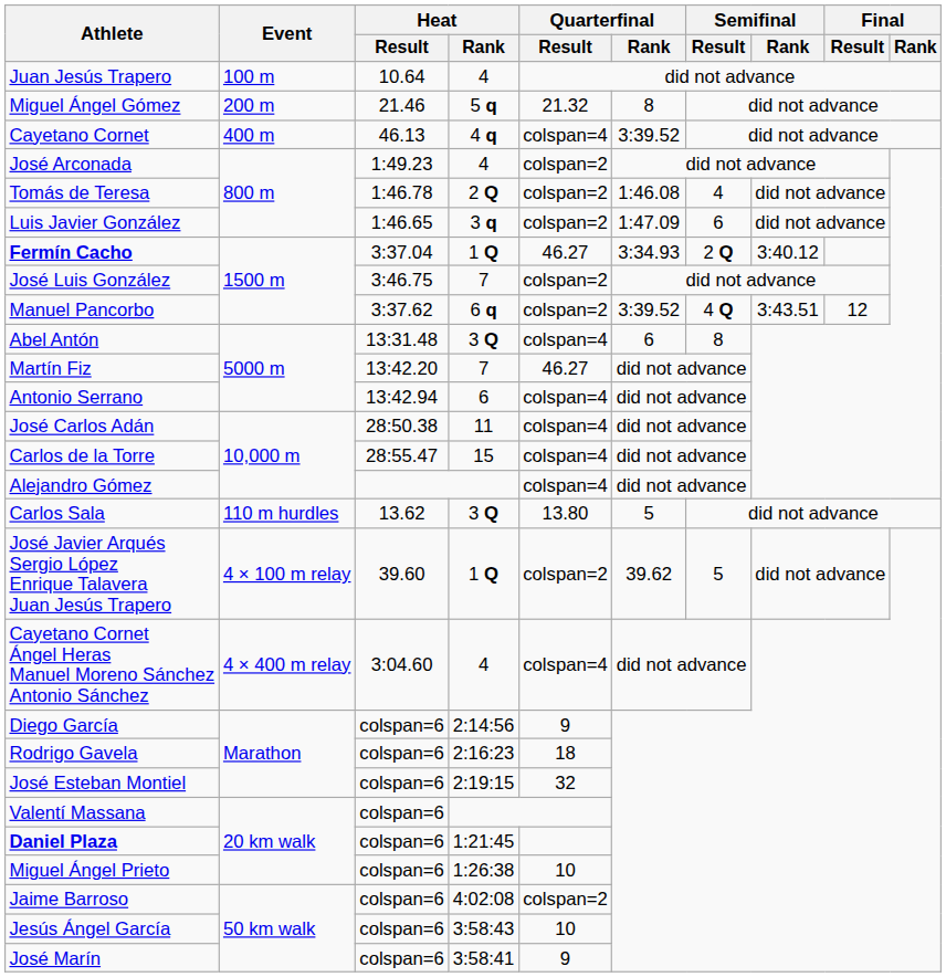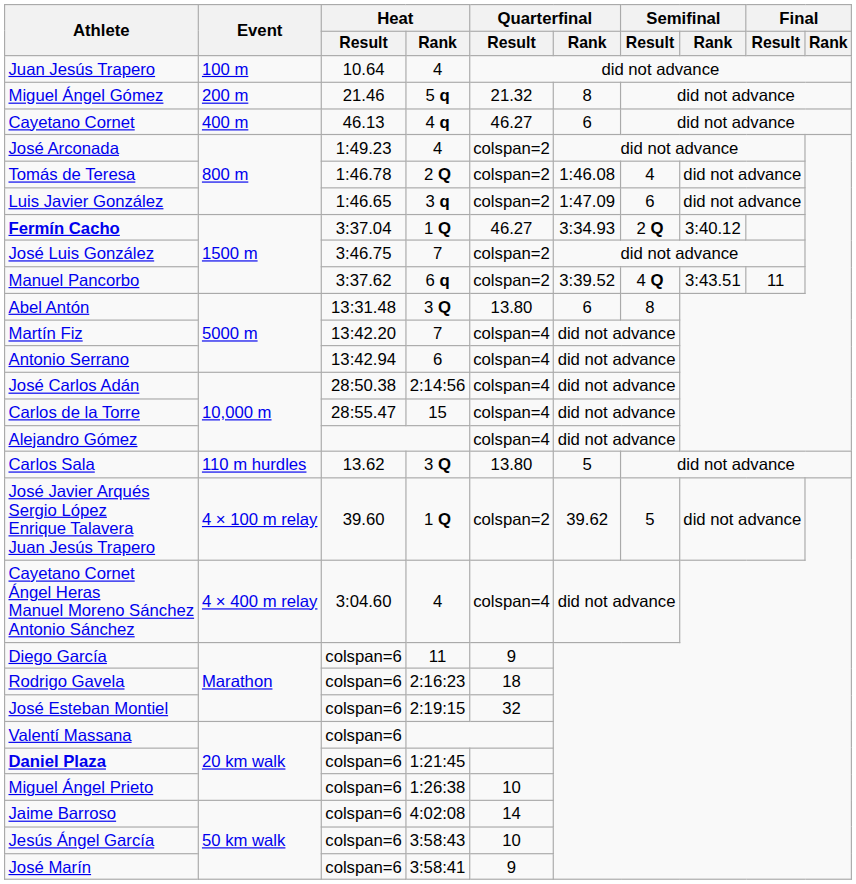 <table class="wikitable" style="font-size:90%">
 <tr>
 <th rowspan="2">Athlete</th>
 <th rowspan="2">Event</th>
 <th colspan="2">Heat</th>
 <th colspan="2">Quarterfinal</th>
 <th colspan="2">Semifinal</th>
 <th colspan="2">Final</th>
 </tr>
 <tr style="font-size:95%">
 <th>Result</th>
 <th>Rank</th>
 <th>Result</th>
 <th>Rank</th>
 <th>Result</th>
 <th>Rank</th>
 <th>Result</th>
 <th>Rank</th>
 </tr>
 <tr align=center>
 <td align=left><a href='#'>Juan Jesús Trapero</a></td>
 <td align=left><a href='#'>100 m</a></td>
 <td>10.64</td>
 <td>4</td>
 <td colspan=6>did not advance</td>
 </tr>
 <tr align=center>
 <td align=left><a href='#'>Miguel Ángel Gómez</a></td>
 <td align=left><a href='#'>200 m</a></td>
 <td>21.46</td>
 <td>5 <strong>q</strong></td>
 <td>21.32</td>
 <td>8</td>
 <td colspan=4>did not advance</td>
 </tr>
 <tr align=center>
 <td align=left><a href='#'>Cayetano Cornet</a></td>
 <td align=left><a href='#'>400 m</a></td>
 <td>46.13</td>
 <td>4 <strong>q</strong></td>
-<td>colspan=4 </td>
-<td>3:39.52</td>
+<td>46.27</td>
+<td>6</td>
 <td colspan=4>did not advance</td>
 </tr>
 <tr align=center>
 <td align=left><a href='#'>José Arconada</a></td>
 <td align=left rowspan=3><a href='#'>800 m</a></td>
 <td>1:49.23</td>
 <td>4</td>
 <td>colspan=2 </td>
 <td colspan=4>did not advance</td>
 </tr>
 <tr align=center>
 <td align=left><a href='#'>Tomás de Teresa</a></td>
 <td>1:46.78</td>
 <td>2 <strong>Q</strong></td>
 <td>colspan=2 </td>
 <td>1:46.08</td>
 <td>4</td>
 <td colspan=2>did not advance</td>
 </tr>
 <tr align=center>
 <td align=left><a href='#'>Luis Javier González</a></td>
 <td>1:46.65</td>
 <td>3 <strong>q</strong></td>
 <td>colspan=2 </td>
 <td>1:47.09</td>
 <td>6</td>
 <td colspan=2>did not advance</td>
 </tr>
 <tr align=center>
 <td align=left><strong><a href='#'>Fermín Cacho</a></strong></td>
 <td align=left rowspan=3><a href='#'>1500 m</a></td>
 <td>3:37.04</td>
 <td>1 <strong>Q</strong></td>
 <td>46.27</td>
 <td>3:34.93</td>
 <td>2 <strong>Q</strong></td>
 <td>3:40.12</td>
 <td></td>
 </tr>
 <tr align=center>
 <td align=left><a href='#'>José Luis González</a></td>
 <td>3:46.75</td>
 <td>7</td>
 <td>colspan=2 </td>
 <td colspan=4>did not advance</td>
 </tr>
 <tr align=center>
 <td align=left><a href='#'>Manuel Pancorbo</a></td>
 <td>3:37.62</td>
 <td>6 <strong>q</strong></td>
 <td>colspan=2 </td>
 <td>3:39.52</td>
 <td>4 <strong>Q</strong></td>
 <td>3:43.51</td>
-<td>12</td>
+<td>11</td>
 </tr>
 <tr align=center>
 <td align=left><a href='#'>Abel Antón</a></td>
 <td align=left rowspan=3><a href='#'>5000 m</a></td>
 <td>13:31.48</td>
 <td>3 <strong>Q</strong></td>
-<td>colspan=4 </td>
+<td>13.80</td>
 <td>6</td>
 <td>8</td>
 </tr>
 <tr align=center>
 <td align=left><a href='#'>Martín Fiz</a></td>
 <td>13:42.20</td>
 <td>7</td>
-<td>46.27</td>
+<td>colspan=4 </td>
 <td colspan=2>did not advance</td>
 </tr>
 <tr align=center>
 <td align=left><a href='#'>Antonio Serrano</a></td>
 <td>13:42.94</td>
 <td>6</td>
 <td>colspan=4 </td>
 <td colspan=2>did not advance</td>
 </tr>
 <tr align=center>
 <td align=left><a href='#'>José Carlos Adán</a></td>
 <td align=left rowspan=3><a href='#'>10,000 m</a></td>
 <td>28:50.38</td>
-<td>11</td>
+<td>2:14:56</td>
 <td>colspan=4 </td>
 <td colspan=2>did not advance</td>
 </tr>
 <tr align=center>
 <td align=left><a href='#'>Carlos de la Torre</a></td>
 <td>28:55.47</td>
 <td>15</td>
 <td>colspan=4 </td>
 <td colspan=2>did not advance</td>
 </tr>
 <tr align=center>
 <td align=left><a href='#'>Alejandro Gómez</a></td>
 <td colspan=2></td>
 <td>colspan=4 </td>
 <td colspan=2>did not advance</td>
 </tr>
 <tr align=center>
 <td align=left><a href='#'>Carlos Sala</a></td>
 <td align=left><a href='#'>110 m hurdles</a></td>
 <td>13.62</td>
 <td>3 <strong>Q</strong></td>
 <td>13.80</td>
 <td>5</td>
 <td colspan=4>did not advance</td>
 </tr>
 <tr align=center>
 <td align=left><a href='#'>José Javier Arqués</a><br><a href='#'>Sergio López</a><br><a href='#'>Enrique Talavera</a><br><a href='#'>Juan Jesús Trapero</a></td>
 <td align=left><a href='#'>4 × 100 m relay</a></td>
 <td>39.60</td>
 <td>1 <strong>Q</strong></td>
 <td>colspan=2 </td>
 <td>39.62</td>
 <td>5</td>
 <td colspan=2>did not advance</td>
 </tr>
 <tr align=center>
 <td align=left><a href='#'>Cayetano Cornet</a><br><a href='#'>Ángel Heras</a><br><a href='#'>Manuel Moreno Sánchez</a><br><a href='#'>Antonio Sánchez</a></td>
 <td align=left><a href='#'>4 × 400 m relay</a></td>
 <td>3:04.60</td>
 <td>4</td>
 <td>colspan=4 </td>
 <td colspan=2>did not advance</td>
 </tr>
 <tr align=center>
 <td align=left><a href='#'>Diego García</a></td>
 <td align=left rowspan=3><a href='#'>Marathon</a></td>
 <td>colspan=6 </td>
-<td>2:14:56</td>
+<td>11</td>
 <td>9</td>
 </tr>
 <tr align=center>
 <td align=left><a href='#'>Rodrigo Gavela</a></td>
 <td>colspan=6 </td>
 <td>2:16:23</td>
 <td>18</td>
 </tr>
 <tr align=center>
 <td align=left><a href='#'>José Esteban Montiel</a></td>
 <td>colspan=6 </td>
 <td>2:19:15</td>
 <td>32</td>
 </tr>
 <tr align=center>
 <td align=left><a href='#'>Valentí Massana</a></td>
 <td align=left rowspan=3><a href='#'>20 km walk</a></td>
 <td>colspan=6 </td>
 <td colspan=2></td>
 </tr>
 <tr align=center>
 <td align=left><strong><a href='#'>Daniel Plaza</a></strong></td>
 <td>colspan=6 </td>
 <td>1:21:45</td>
 <td></td>
 </tr>
 <tr align=center>
 <td align=left><a href='#'>Miguel Ángel Prieto</a></td>
 <td>colspan=6 </td>
 <td>1:26:38</td>
 <td>10</td>
 </tr>
 <tr align=center>
 <td align=left><a href='#'>Jaime Barroso</a></td>
 <td align=left rowspan=3><a href='#'>50 km walk</a></td>
 <td>colspan=6 </td>
 <td>4:02:08</td>
-<td>colspan=2 </td>
+<td>14</td>
 </tr>
 <tr align=center>
 <td align=left><a href='#'>Jesús Ángel García</a></td>
 <td>colspan=6 </td>
 <td>3:58:43</td>
 <td>10</td>
 </tr>
 <tr align=center>
 <td align=left><a href='#'>José Marín</a></td>
 <td>colspan=6 </td>
 <td>3:58:41</td>
 <td>9</td>
 </tr>
 </table>
